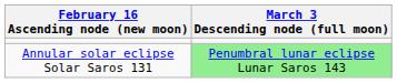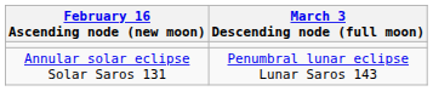 <table class="wikitable">
 <tr>
 <th><a href='#'>February 16</a><br>Ascending node (new moon)<br></th>
 <th><a href='#'>March 3</a><br>Descending node (full moon)<br></th>
 </tr>
 <tr>
 <td></td>
 <td></td>
 </tr>
 <tr align=center>
 <td><a href='#'>Annular solar eclipse</a><br>Solar Saros 131</td>
-<td style="background: lightgreen;"><a href='#'>Penumbral lunar eclipse</a><br>Lunar Saros 143</td>
+<td><a href='#'>Penumbral lunar eclipse</a><br>Lunar Saros 143</td>
 </tr>
 </table>
